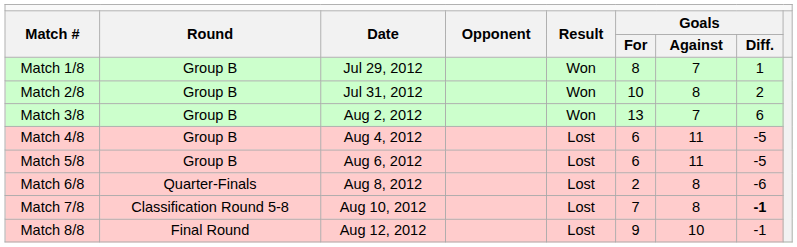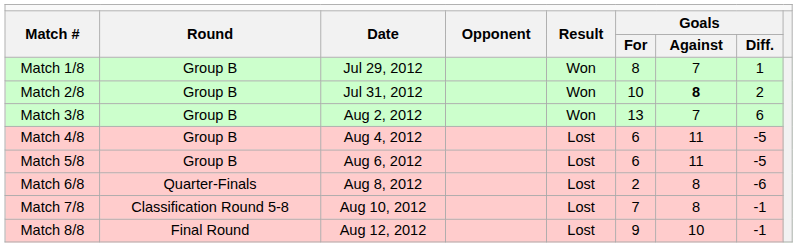 <table class="wikitable" style="text-align: center; width: 98%; font-size: 100%; margin-left: 1em;">
 <tr>
 <td colspan="10"></td>
 </tr>
 <tr>
 <th rowspan="2">Match #</th>
 <th rowspan="2">Round</th>
 <th rowspan="2">Date</th>
 <th rowspan="2">Opponent</th>
 <th rowspan="2">Result</th>
 <th colspan="3">Goals</th>
 <th rowspan="2"></th>
 </tr>
 <tr>
 <th>For</th>
 <th>Against</th>
 <th>Diff.</th>
 </tr>
 <tr style="background: #cfc;">
 <td>Match 1/8</td>
 <td>Group B</td>
 <td>Jul 29, 2012</td>
 <td></td>
 <td>Won</td>
 <td>8</td>
 <td>7</td>
 <td>1</td>
 <td rowspan="8" style="background: #f2f2f2;"></td>
 </tr>
 <tr style="background: #cfc;">
 <td>Match 2/8</td>
 <td>Group B</td>
 <td>Jul 31, 2012</td>
 <td></td>
 <td>Won</td>
 <td>10</td>
-<td>8</td>
+<td><strong>8</strong></td>
 <td>2</td>
 </tr>
 <tr style="background: #cfc;">
 <td>Match 3/8</td>
 <td>Group B</td>
 <td>Aug 2, 2012</td>
 <td></td>
 <td>Won</td>
 <td>13</td>
 <td>7</td>
 <td>6</td>
 </tr>
 <tr style="background: #fcc;">
 <td>Match 4/8</td>
 <td>Group B</td>
 <td>Aug 4, 2012</td>
 <td></td>
 <td>Lost</td>
 <td>6</td>
 <td>11</td>
 <td>-5</td>
 </tr>
 <tr style="background: #fcc;">
 <td>Match 5/8</td>
 <td>Group B</td>
 <td>Aug 6, 2012</td>
 <td></td>
 <td>Lost</td>
 <td>6</td>
 <td>11</td>
 <td>-5</td>
 </tr>
 <tr style="background: #fcc;">
 <td>Match 6/8</td>
 <td>Quarter-Finals</td>
 <td>Aug 8, 2012</td>
 <td></td>
 <td>Lost</td>
 <td>2</td>
 <td>8</td>
 <td>-6</td>
 </tr>
 <tr style="background: #fcc;">
 <td>Match 7/8</td>
 <td>Classification Round 5-8</td>
 <td>Aug 10, 2012</td>
 <td></td>
 <td>Lost</td>
 <td>7</td>
 <td>8</td>
-<td><strong>-1</strong></td>
+<td>-1</td>
 </tr>
 <tr style="background: #fcc;">
 <td>Match 8/8</td>
 <td>Final Round</td>
 <td>Aug 12, 2012</td>
 <td></td>
 <td>Lost</td>
 <td>9</td>
 <td>10</td>
 <td>-1</td>
 </tr>
 </table>
